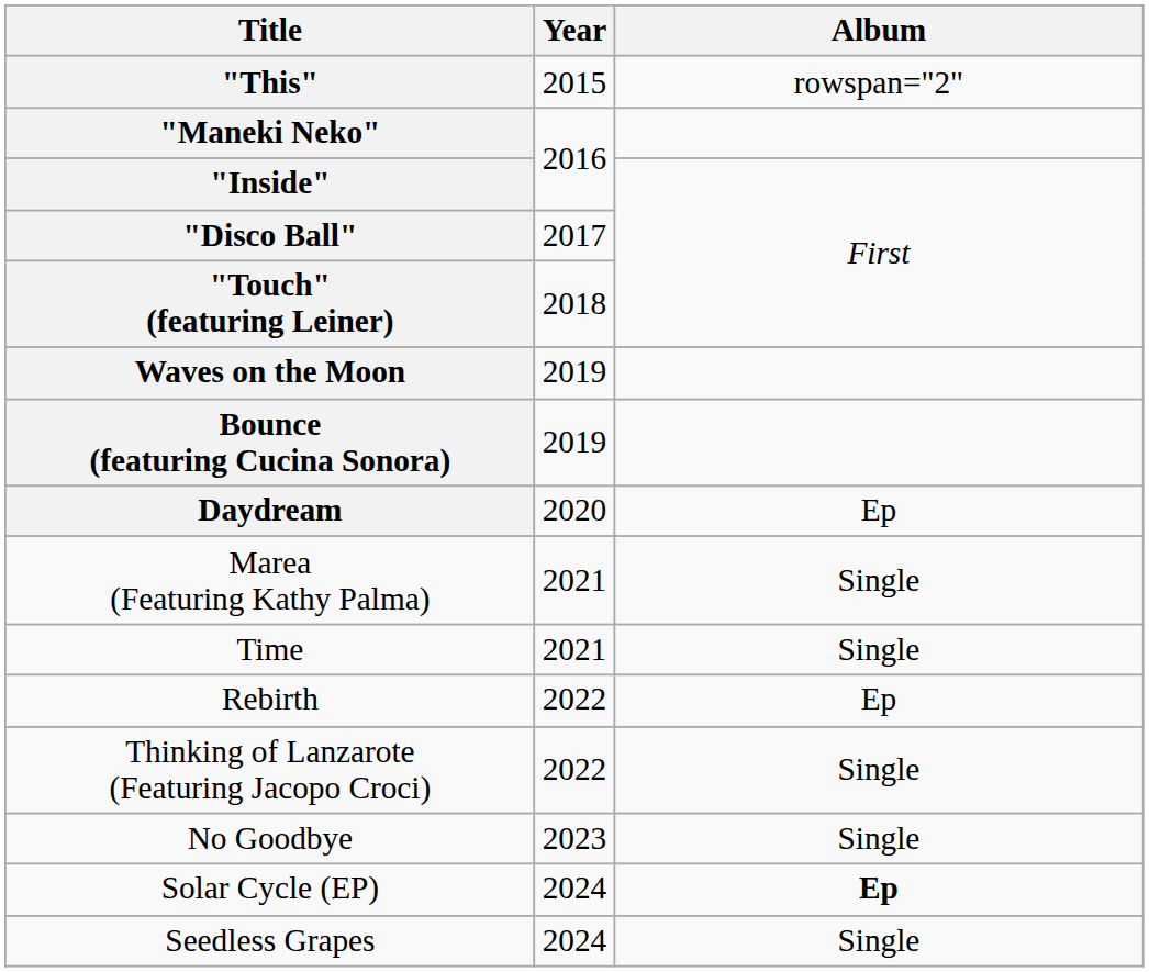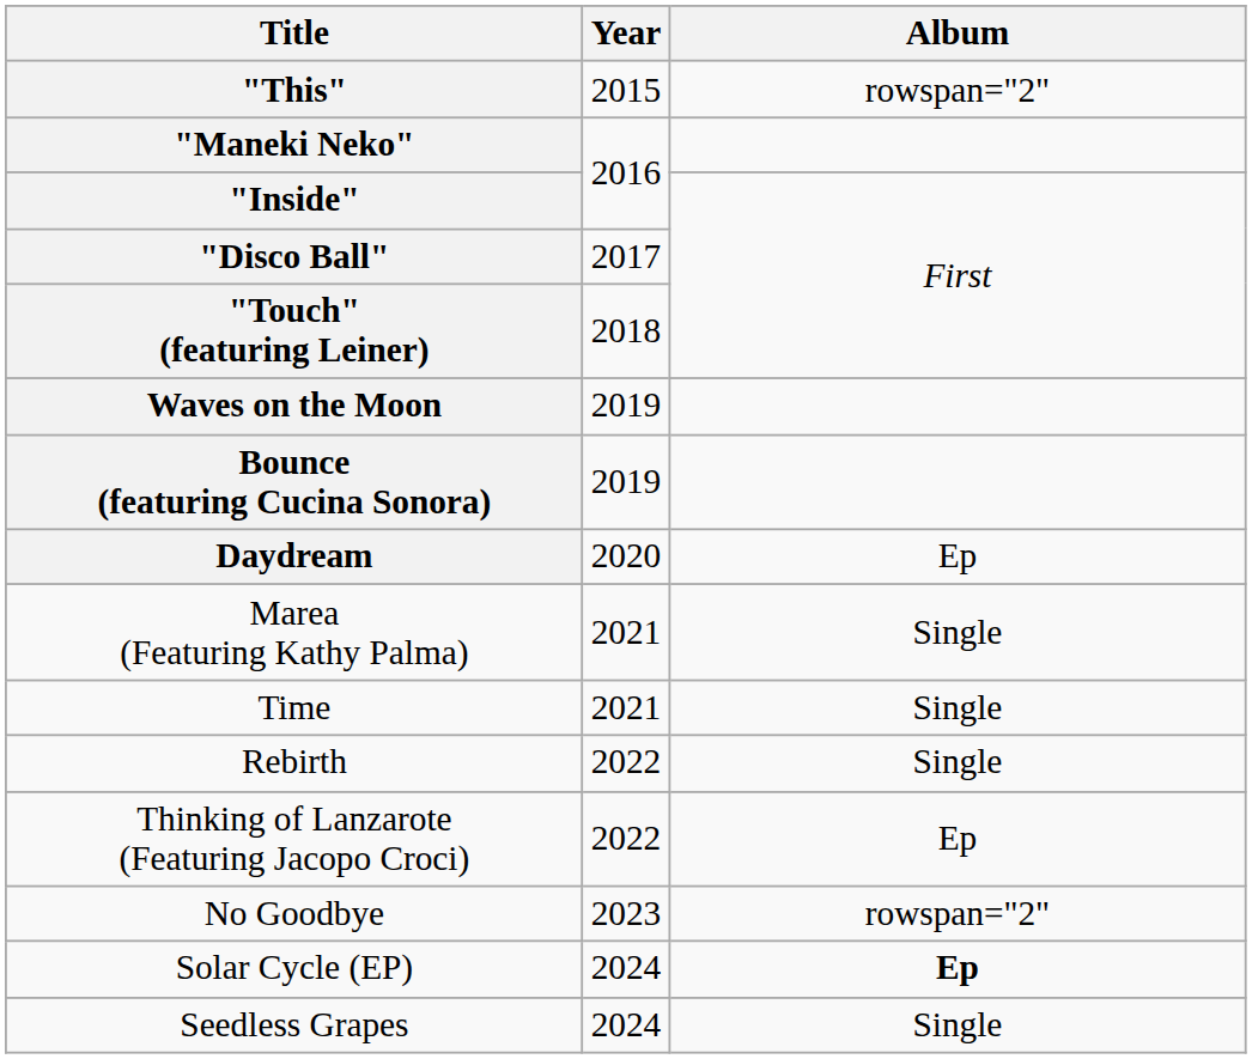 <table class="wikitable plainrowheaders" style="text-align:center;">
 <tr>
 <th rowspan="1" style="width:16em;">Title</th>
 <th rowspan="1">Year</th>
 <th rowspan="1" style="width:16em;">Album</th>
 </tr>
 <tr>
 <th scope="row">"This"</th>
 <td rowspan="1">2015</td>
 <td>rowspan="2" </td>
 </tr>
 <tr>
 <th scope="row">"Maneki Neko"</th>
 <td rowspan="2">2016</td>
 </tr>
 <tr>
 <th scope="row">"Inside"</th>
 <td rowspan="3"><em>First</em></td>
 </tr>
 <tr>
 <th scope="row">"Disco Ball"</th>
 <td rowspan="1">2017</td>
 </tr>
 <tr>
 <th scope="row">"Touch"<br><span>(featuring Leiner)</span></th>
 <td rowspan="1">2018</td>
 </tr>
 <tr>
 <th>Waves on the Moon</th>
 <td>2019</td>
 <td></td>
 </tr>
 <tr>
 <th>Bounce<br>(featuring Cucina Sonora)</th>
 <td>2019</td>
 <td></td>
 </tr>
 <tr>
 <th>Daydream</th>
 <td>2020</td>
 <td>Ep</td>
 </tr>
 <tr>
 <td>Marea<br>(Featuring Kathy Palma)</td>
 <td>2021</td>
 <td>Single</td>
 </tr>
 <tr>
 <td>Time</td>
 <td>2021</td>
 <td>Single</td>
 </tr>
 <tr>
 <td>Rebirth</td>
 <td>2022</td>
-<td>Ep</td>
+<td>Single</td>
 </tr>
 <tr>
 <td>Thinking of Lanzarote<br>(Featuring Jacopo Croci)</td>
 <td>2022</td>
-<td>Single</td>
+<td>Ep</td>
 </tr>
 <tr>
 <td>No Goodbye</td>
 <td>2023</td>
-<td>Single</td>
+<td>rowspan="2" </td>
 </tr>
 <tr>
 <td>Solar Cycle (EP)</td>
 <td>2024</td>
 <td><strong>Ep</strong></td>
 </tr>
 <tr>
 <td>Seedless Grapes</td>
 <td>2024</td>
 <td>Single</td>
 </tr>
 </table>
